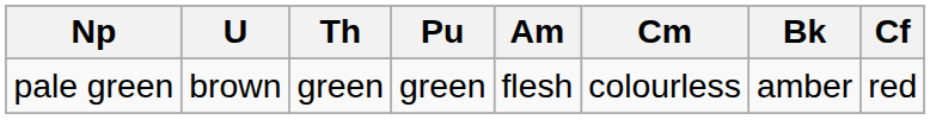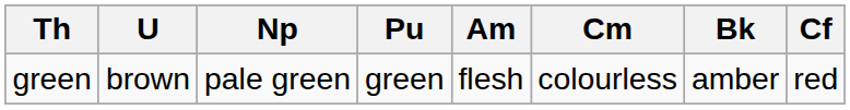 <table class="wikitable">
 <tr>
+<th>Th</th>
+<th>U</th>
 <th>Np</th>
-<th>U</th>
-<th>Th</th>
 <th>Pu</th>
 <th>Am</th>
 <th>Cm</th>
 <th>Bk</th>
 <th>Cf</th>
 </tr>
 <tr>
+<td>green</td>
+<td>brown</td>
 <td>pale green</td>
-<td>brown</td>
-<td>green</td>
 <td>green</td>
 <td>flesh</td>
 <td>colourless</td>
 <td>amber</td>
 <td>red</td>
 </tr>
 </table>
